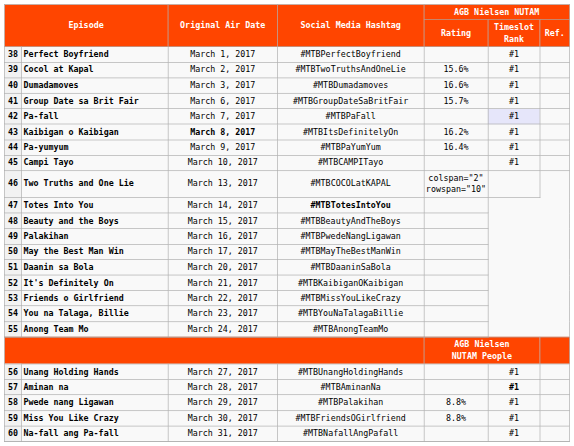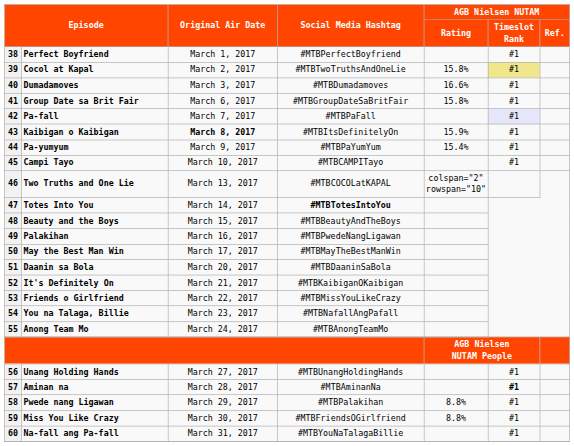 <table class="wikitable" style="text-align:center; font-size:100%; line-height:18px;"  width="100%">
 <tr>
 <th colspan="2" rowspan="2" style="background-color:#FF4500; color:#ffffff;">Episode</th>
 <th style="background:#FF4500; color:white" rowspan="2">Original Air Date</th>
 <th style="background:#FF4500; color:white" rowspan="2">Social Media Hashtag</th>
 <th style="background-color:#FF4500; color:#ffffff;" colspan="3">AGB Nielsen NUTAM</th>
 </tr>
 <tr>
 <th style="background-color:#FF4500; width:75px; color:#ffffff;">Rating</th>
 <th style="background-color:#FF4500; width:75px; color:#ffffff;">Timeslot<br>Rank</th>
 <th style="background-color:#FF4500; color:#ffffff;">Ref.</th>
 </tr>
 <tr>
 <th>38</th>
 <td style="text-align: left;"><strong>Perfect Boyfriend</strong></td>
 <td>March 1, 2017</td>
 <td>#MTBPerfectBoyfriend</td>
 <td></td>
 <td>#1</td>
 <td></td>
 </tr>
 <tr>
 <th>39</th>
 <td style="text-align: left;"><strong>Cocol at Kapal</strong></td>
 <td>March 2, 2017</td>
 <td>#MTBTwoTruthsAndOneLie</td>
-<td>15.6%</td>
-<td>#1</td>
+<td>15.8%</td>
+<td style="background: khaki;">#1</td>
 <td></td>
 </tr>
 <tr>
 <th>40</th>
 <td style="text-align: left;"><strong>Dumadamoves</strong></td>
 <td>March 3, 2017</td>
 <td>#MTBDumadamoves</td>
 <td>16.6%</td>
 <td>#1</td>
 <td></td>
 </tr>
 <tr>
 <th>41</th>
 <td style="text-align: left;"><strong>Group Date sa Brit Fair</strong></td>
 <td>March 6, 2017</td>
 <td>#MTBGroupDateSaBritFair</td>
-<td>15.7%</td>
+<td>15.8%</td>
 <td>#1</td>
 <td></td>
 </tr>
 <tr>
 <th>42</th>
 <td style="text-align: left;"><strong>Pa-fall</strong></td>
 <td>March 7, 2017</td>
 <td>#MTBPaFall</td>
 <td></td>
 <td style="background: lavender;">#1</td>
 <td></td>
 </tr>
 <tr>
 <th>43</th>
 <td style="text-align: left;"><strong>Kaibigan o Kaibigan</strong></td>
 <td><strong>March 8, 2017</strong></td>
 <td>#MTBItsDefinitelyOn</td>
-<td>16.2%</td>
+<td>15.9%</td>
 <td>#1</td>
 <td></td>
 </tr>
 <tr>
 <th>44</th>
 <td style="text-align: left;"><strong>Pa-yumyum</strong></td>
 <td>March 9, 2017</td>
 <td>#MTBPaYumYum</td>
-<td>16.4%</td>
+<td>15.4%</td>
 <td>#1</td>
 <td></td>
 </tr>
 <tr>
 <th>45</th>
 <td style="text-align: left;"><strong>Campi Tayo</strong></td>
 <td>March 10, 2017</td>
 <td>#MTBCAMPITayo</td>
 <td></td>
 <td>#1</td>
 <td></td>
 </tr>
 <tr>
 <th>46</th>
 <td style="text-align: left;"><strong>Two Truths and One Lie</strong></td>
 <td>March 13, 2017</td>
 <td>#MTBCOCOLatKAPAL</td>
 <td>colspan="2" rowspan="10" </td>
 <td></td>
 </tr>
 <tr>
 <th>47</th>
 <td style="text-align: left;"><strong>Totes Into You</strong></td>
 <td>March 14, 2017</td>
 <td><strong>#MTBTotesIntoYou</strong></td>
 <td></td>
 </tr>
 <tr>
 <th>48</th>
 <td style="text-align: left;"><strong>Beauty and the Boys</strong></td>
 <td>March 15, 2017</td>
 <td>#MTBBeautyAndTheBoys</td>
 <td></td>
 </tr>
 <tr>
 <th>49</th>
 <td style="text-align: left;"><strong>Palakihan</strong></td>
 <td>March 16, 2017</td>
 <td>#MTBPwedeNangLigawan</td>
 <td></td>
 </tr>
 <tr>
 <th>50</th>
 <td style="text-align: left;"><strong>May the Best Man Win</strong></td>
 <td>March 17, 2017</td>
 <td>#MTBMayTheBestManWin</td>
 <td></td>
 </tr>
 <tr>
 <th>51</th>
 <td style="text-align: left;"><strong>Daanin sa Bola</strong></td>
 <td>March 20, 2017</td>
 <td>#MTBDaaninSaBola</td>
 <td></td>
 </tr>
 <tr>
 <th>52</th>
 <td style="text-align: left;"><strong>It's Definitely On</strong></td>
 <td>March 21, 2017</td>
 <td>#MTBKaibiganOKaibigan</td>
 <td></td>
 </tr>
 <tr>
 <th>53</th>
 <td style="text-align: left;"><strong>Friends o Girlfriend</strong></td>
 <td>March 22, 2017</td>
 <td>#MTBMissYouLikeCrazy</td>
 <td></td>
 </tr>
 <tr>
 <th>54</th>
 <td style="text-align: left;"><strong>You na Talaga, Billie</strong></td>
 <td>March 23, 2017</td>
-<td>#MTBYouNaTalagaBillie</td>
+<td>#MTBNafallAngPafall</td>
 <td></td>
 </tr>
 <tr>
 <th>55</th>
 <td style="text-align: left;"><strong>Anong Team Mo</strong></td>
 <td>March 24, 2017</td>
 <td>#MTBAnongTeamMo</td>
 <td></td>
 </tr>
 <tr>
 </tr>
 <tr>
 <td colspan="4" rowspan="2" style="background:#FF4500; color:#ffffff"></td>
 </tr>
 <tr>
 <th colspan="2" style="background:#FF4500; color:#ffffff">AGB Nielsen<br>NUTAM People</th>
 <td rowspan="1" style="background:#FF4500; color:#ffffff"></td>
 </tr>
 <tr>
 <th>56</th>
 <td style="text-align: left;"><strong>Unang Holding Hands</strong></td>
 <td>March 27, 2017</td>
 <td>#MTBUnangHoldingHands</td>
 <td></td>
 <td>#1</td>
 <td></td>
 </tr>
 <tr>
 <th>57</th>
 <td style="text-align: left;"><strong>Aminan na</strong></td>
 <td>March 28, 2017</td>
 <td>#MTBAminanNa</td>
 <td></td>
 <td><strong>#1</strong></td>
 <td></td>
 </tr>
 <tr>
 <th>58</th>
 <td style="text-align: left;"><strong>Pwede nang Ligawan</strong></td>
 <td>March 29, 2017</td>
 <td>#MTBPalakihan</td>
 <td>8.8%</td>
 <td>#1</td>
 <td></td>
 </tr>
 <tr>
 <th>59</th>
 <td style="text-align: left;"><strong>Miss You Like Crazy</strong></td>
 <td>March 30, 2017</td>
 <td>#MTBFriendsOGirlfriend</td>
 <td>8.8%</td>
 <td>#1</td>
 <td></td>
 </tr>
 <tr>
 <th>60</th>
 <td style="text-align: left;"><strong>Na-fall ang Pa-fall</strong></td>
 <td>March 31, 2017</td>
-<td>#MTBNafallAngPafall</td>
+<td>#MTBYouNaTalagaBillie</td>
 <td></td>
 <td>#1</td>
 <td></td>
 </tr>
 <tr>
 </tr>
 </table>
